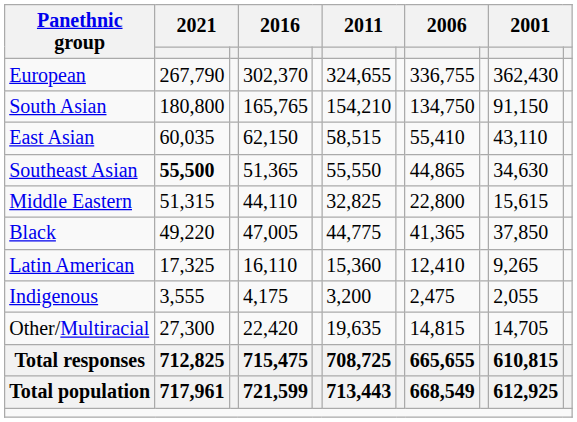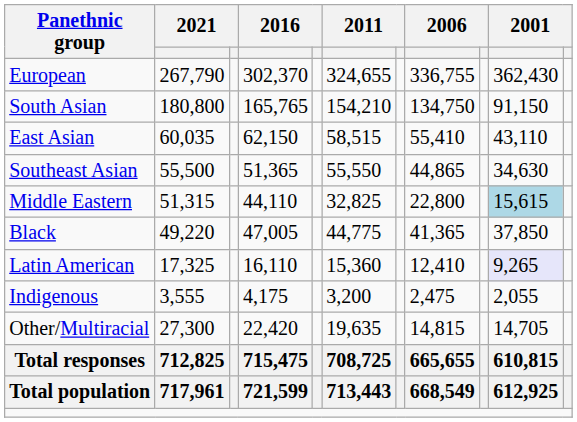 <table class="wikitable collapsible sortable">
 <tr>
 <th rowspan="2"><a href='#'>Panethnic</a><br>group</th>
 <th colspan="2">2021</th>
 <th colspan="2">2016</th>
 <th colspan="2">2011</th>
 <th colspan="2">2006</th>
 <th colspan="2">2001</th>
 </tr>
 <tr>
 <th><a href='#'></a></th>
 <th></th>
 <th></th>
 <th></th>
 <th></th>
 <th></th>
 <th></th>
 <th></th>
 <th></th>
 <th></th>
 </tr>
 <tr>
 <td><a href='#'>European</a></td>
 <td>267,790</td>
 <td></td>
 <td>302,370</td>
 <td></td>
 <td>324,655</td>
 <td></td>
 <td>336,755</td>
 <td></td>
 <td>362,430</td>
 <td></td>
 </tr>
 <tr>
 <td><a href='#'>South Asian</a></td>
 <td>180,800</td>
 <td></td>
 <td>165,765</td>
 <td></td>
 <td>154,210</td>
 <td></td>
 <td>134,750</td>
 <td></td>
 <td>91,150</td>
 <td></td>
 </tr>
 <tr>
 <td><a href='#'>East Asian</a></td>
 <td>60,035</td>
 <td></td>
 <td>62,150</td>
 <td></td>
 <td>58,515</td>
 <td></td>
 <td>55,410</td>
 <td></td>
 <td>43,110</td>
 <td></td>
 </tr>
 <tr>
 <td><a href='#'>Southeast Asian</a></td>
-<td><strong>55,500</strong></td>
+<td>55,500</td>
 <td></td>
 <td>51,365</td>
 <td></td>
 <td>55,550</td>
 <td></td>
 <td>44,865</td>
 <td></td>
 <td>34,630</td>
 <td></td>
 </tr>
 <tr>
 <td><a href='#'>Middle Eastern</a></td>
 <td>51,315</td>
 <td></td>
 <td>44,110</td>
 <td></td>
 <td>32,825</td>
 <td></td>
 <td>22,800</td>
 <td></td>
-<td>15,615</td>
+<td style="background: lightblue;">15,615</td>
 <td></td>
 </tr>
 <tr>
 <td><a href='#'>Black</a></td>
 <td>49,220</td>
 <td></td>
 <td>47,005</td>
 <td></td>
 <td>44,775</td>
 <td></td>
 <td>41,365</td>
 <td></td>
 <td>37,850</td>
 <td></td>
 </tr>
 <tr>
 <td><a href='#'>Latin American</a></td>
 <td>17,325</td>
 <td></td>
 <td>16,110</td>
 <td></td>
 <td>15,360</td>
 <td></td>
 <td>12,410</td>
 <td></td>
-<td>9,265</td>
+<td style="background: lavender;">9,265</td>
 <td></td>
 </tr>
 <tr>
 <td><a href='#'>Indigenous</a></td>
 <td>3,555</td>
 <td></td>
 <td>4,175</td>
 <td></td>
 <td>3,200</td>
 <td></td>
 <td>2,475</td>
 <td></td>
 <td>2,055</td>
 <td></td>
 </tr>
 <tr>
 <td>Other/<a href='#'>Multiracial</a></td>
 <td>27,300</td>
 <td></td>
 <td>22,420</td>
 <td></td>
 <td>19,635</td>
 <td></td>
 <td>14,815</td>
 <td></td>
 <td>14,705</td>
 <td></td>
 </tr>
 <tr>
 <th>Total responses</th>
 <th>712,825</th>
 <th></th>
 <th>715,475</th>
 <th></th>
 <th>708,725</th>
 <th></th>
 <th>665,655</th>
 <th></th>
 <th>610,815</th>
 <th></th>
 </tr>
 <tr>
 <th>Total population</th>
 <th>717,961</th>
 <th></th>
 <th>721,599</th>
 <th></th>
 <th>713,443</th>
 <th></th>
 <th>668,549</th>
 <th></th>
 <th>612,925</th>
 <th></th>
 </tr>
 <tr class="sortbottom">
 <td colspan="15"></td>
 </tr>
 </table>
